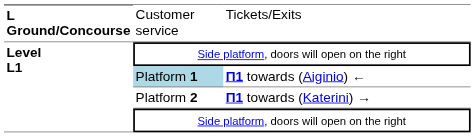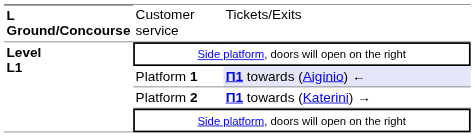 <table table border=0 cellspacing=0 cellpadding=3>
 <tr>
 <td style="border-bottom:solid 1px gray;border-top:solid 2px gray;" width=50 valign=top><strong>L<br>Ground/Concourse</strong></td>
 <td style="border-top:solid 1px gray;border-bottom:solid 1px gray;" width=100 valign=top>Customer service</td>
 <td style="border-top:solid 1px gray;border-bottom:solid 1px gray;" width=285 valign=top>Tickets/Exits</td>
 </tr>
 <tr>
 <td style="border-bottom:solid 1px gray;" rowspan=4 valign=top><strong>Level<br>L1</strong></td>
 <td style="border-top:solid 2px black;border-right:solid 2px black;border-left:solid 2px black;border-bottom:solid 2px black;text-align:center;" colspan=2><small><a href='#'>Side platform</a>, doors will open on the right</small></td>
 </tr>
 <tr>
-<td style="background: lightblue; border-bottom:solid 1px gray;">Platform <span><strong>1</strong></span></td>
-<td style="border-bottom:solid 1px gray;"><span><a href='#'><span><strong>Π1</strong></span></a></span>  towards  (<a href='#'>Aiginio</a>) ←</td>
+<td style="border-bottom:solid 1px gray;">Platform <span><strong>1</strong></span></td>
+<td style="background: lavender; border-bottom:solid 1px gray;"><span><a href='#'><span><strong>Π1</strong></span></a></span>  towards  (<a href='#'>Aiginio</a>) ←</td>
 </tr>
 <tr>
 <td style="border-bottom:solid 1px gray;">Platform <span><strong>2</strong></span></td>
 <td style="border-bottom:solid 1px gray;"><span><a href='#'><span><strong>Π1</strong></span></a></span>  towards  (<a href='#'>Katerini</a>) →</td>
 </tr>
 <tr>
 <td style="border-top:solid 2px black;border-left:solid 2px black;border-right:solid 2px black;border-bottom:solid 2px black;text-align:center;" colspan=2><small><a href='#'>Side platform</a>, doors will open on the right</small></td>
 </tr>
 </table>
